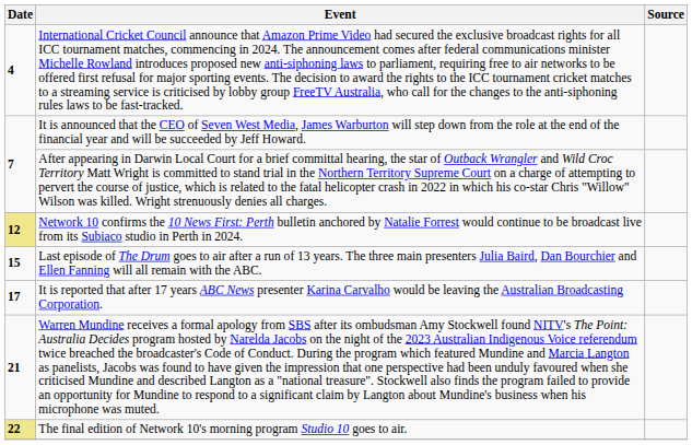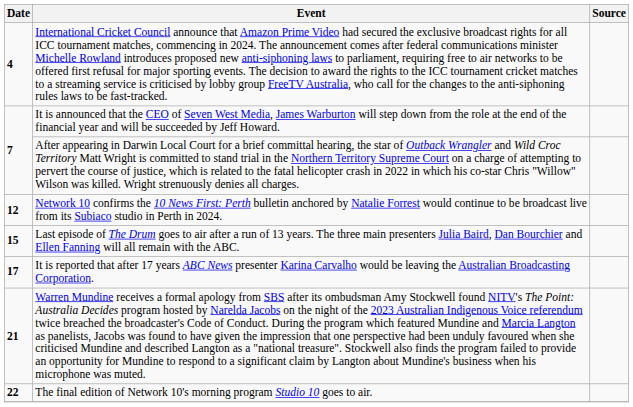 <table class="wikitable">
 <tr>
 <th>Date</th>
 <th>Event</th>
 <th>Source</th>
 </tr>
 <tr>
 <td><strong>4</strong></td>
 <td><a href='#'>International Cricket Council</a> announce that <a href='#'>Amazon Prime Video</a> had secured the exclusive broadcast rights for all ICC tournament matches, commencing in 2024. The announcement comes after federal communications minister <a href='#'>Michelle Rowland</a> introduces proposed new <a href='#'>anti-siphoning laws</a> to parliament, requiring free to air networks to be offered first refusal for major sporting events. The decision to award the rights to the ICC tournament cricket matches to a streaming service is criticised by lobby group <a href='#'>FreeTV Australia</a>, who call for the changes to the anti-siphoning rules laws to be fast-tracked.</td>
 <td></td>
 </tr>
 <tr>
 <td rowspan=2><strong>7</strong></td>
 <td>It is announced that the <a href='#'>CEO</a> of <a href='#'>Seven West Media</a>, <a href='#'>James Warburton</a> will step down from the role at the end of the financial year and will be succeeded by Jeff Howard.</td>
 <td></td>
 </tr>
 <tr>
 <td>After appearing in Darwin Local Court for a brief committal hearing, the star of <em><a href='#'>Outback Wrangler</a></em> and <em>Wild Croc Territory</em> Matt Wright is committed to stand trial in the <a href='#'>Northern Territory Supreme Court</a> on a charge of attempting to pervert the course of justice, which is related to the fatal helicopter crash in 2022 in which his co-star Chris "Willow" Wilson was killed. Wright strenuously denies all charges.</td>
 <td></td>
 </tr>
 <tr>
-<td style="background: khaki;"><strong>12</strong></td>
+<td><strong>12</strong></td>
 <td><a href='#'>Network 10</a> confirms the <em><a href='#'>10 News First: Perth</a></em> bulletin anchored by <a href='#'>Natalie Forrest</a> would continue to be broadcast live from its <a href='#'>Subiaco</a> studio in Perth in 2024.</td>
 <td></td>
 </tr>
 <tr>
 <td><strong>15</strong></td>
 <td>Last episode of <em><a href='#'>The Drum</a></em> goes to air after a run of 13 years. The three main presenters <a href='#'>Julia Baird</a>, <a href='#'>Dan Bourchier</a> and <a href='#'>Ellen Fanning</a> will all remain with the ABC.</td>
 <td></td>
 </tr>
 <tr>
 <td><strong>17</strong></td>
 <td>It is reported that after 17 years <em><a href='#'>ABC News</a></em> presenter <a href='#'>Karina Carvalho</a> would be leaving the <a href='#'>Australian Broadcasting Corporation</a>.</td>
 <td></td>
 </tr>
 <tr>
 <td><strong>21</strong></td>
 <td><a href='#'>Warren Mundine</a> receives a formal apology from <a href='#'>SBS</a> after its ombudsman Amy Stockwell found <a href='#'>NITV</a>'s <em>The Point: Australia Decides</em> program hosted by <a href='#'>Narelda Jacobs</a> on the night of the <a href='#'>2023 Australian Indigenous Voice referendum</a> twice breached the broadcaster's Code of Conduct. During the program which featured Mundine and <a href='#'>Marcia Langton</a> as panelists, Jacobs was found to have given the impression that one perspective had been unduly favoured when she criticised Mundine and described Langton as a "national treasure". Stockwell also finds the program failed to provide an opportunity for Mundine to respond to a significant claim by Langton about Mundine's business when his microphone was muted.</td>
 <td></td>
 </tr>
 <tr>
-<td style="background: khaki;"><strong>22</strong></td>
+<td><strong>22</strong></td>
 <td>The final edition of Network 10's morning program <em><a href='#'>Studio 10</a></em> goes to air.</td>
 <td></td>
 </tr>
 <tr>
 </tr>
 </table>
